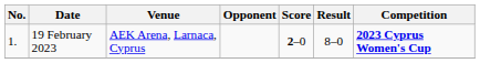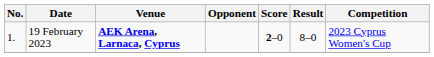 <table class="wikitable">
 <tr>
 <th>No.</th>
 <th>Date</th>
 <th>Venue</th>
 <th>Opponent</th>
 <th>Score</th>
 <th>Result</th>
 <th>Competition</th>
 </tr>
 <tr>
 <td>1.</td>
 <td>19 February 2023</td>
-<td><a href='#'>AEK Arena</a>, <a href='#'>Larnaca</a>, <a href='#'>Cyprus</a></td>
+<td><strong><a href='#'>AEK Arena</a>, <a href='#'>Larnaca</a>, <a href='#'>Cyprus</a></strong></td>
 <td></td>
 <td align=center><strong>2</strong>–0</td>
 <td align=center>8–0</td>
-<td><strong><a href='#'>2023 Cyprus Women's Cup</a></strong></td>
+<td><a href='#'>2023 Cyprus Women's Cup</a></td>
 </tr>
 <tr>
 </tr>
 </table>
